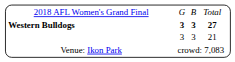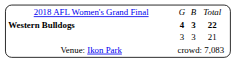 <table style="margin-right:4px; margin-top:8px; float:right; border:1px #000 solid; border-radius:8px; background:#fff; font-family:Verdana; font-size:8pt; text-align:center;">
 <tr>
 <td width=200><a href='#'>2018 AFL Women's Grand Final</a></td>
 <td><em>G</em></td>
 <td><em>B</em></td>
 <td><em>Total</em></td>
 </tr>
 <tr>
 <td style="text-align:left"><strong>Western Bulldogs</strong></td>
+<td><strong>4</strong></td>
 <td><strong>3</strong></td>
-<td><strong>3</strong></td>
-<td><strong>27</strong></td>
+<td><strong>22</strong></td>
 </tr>
 <tr>
 <td style="text-align:left"></td>
 <td>3</td>
 <td>3</td>
 <td>21</td>
 </tr>
 <tr>
 <td>Venue: <a href='#'>Ikon Park</a></td>
 <td colspan=3>crowd: 7,083</td>
 <td colspan=3></td>
 </tr>
 </table>
